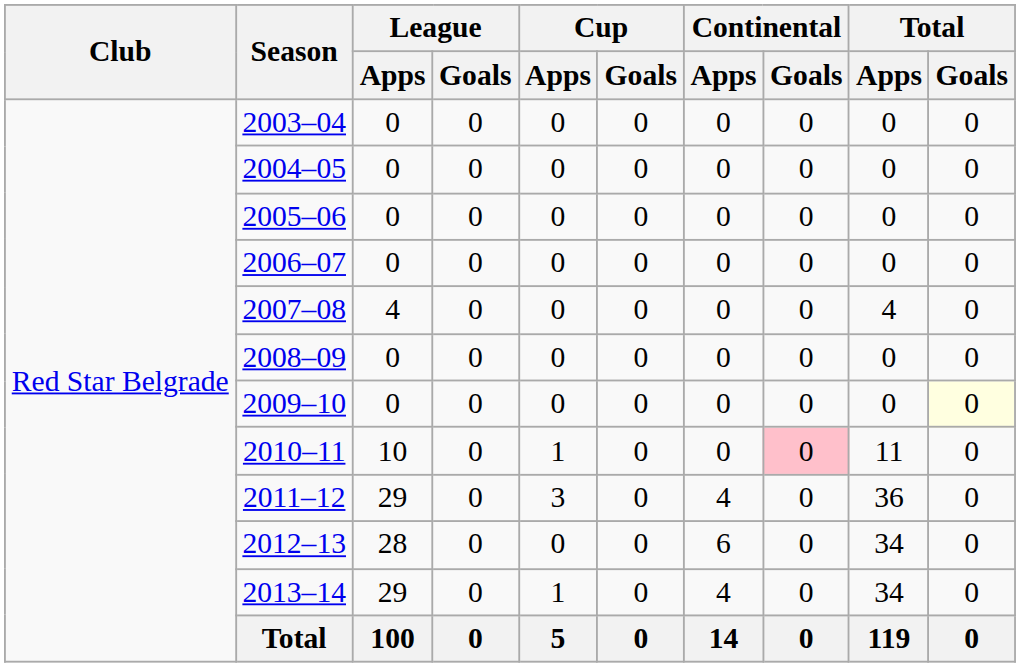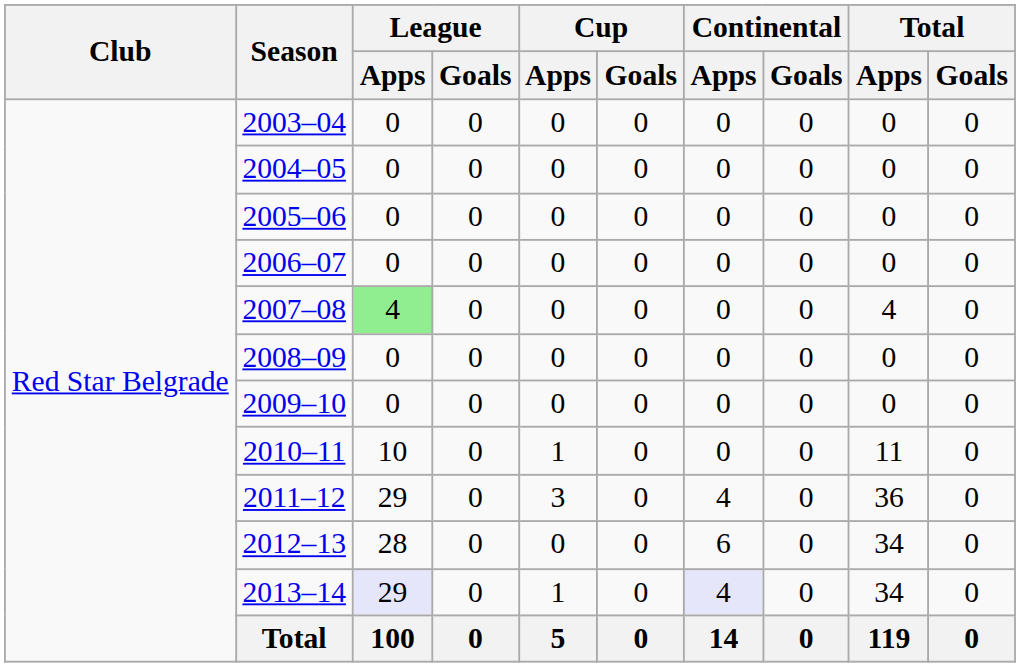 <table class="wikitable" style="text-align:center">
 <tr>
 <th rowspan="2">Club</th>
 <th rowspan="2">Season</th>
 <th colspan="2">League</th>
 <th colspan="2">Cup</th>
 <th colspan="2">Continental</th>
 <th colspan="2">Total</th>
 </tr>
 <tr>
 <th>Apps</th>
 <th>Goals</th>
 <th>Apps</th>
 <th>Goals</th>
 <th>Apps</th>
 <th>Goals</th>
 <th>Apps</th>
 <th>Goals</th>
 </tr>
 <tr>
 <td rowspan="12"><a href='#'>Red Star Belgrade</a></td>
 <td><a href='#'>2003–04</a></td>
 <td>0</td>
 <td>0</td>
 <td>0</td>
 <td>0</td>
 <td>0</td>
 <td>0</td>
 <td>0</td>
 <td>0</td>
 </tr>
 <tr>
 <td><a href='#'>2004–05</a></td>
 <td>0</td>
 <td>0</td>
 <td>0</td>
 <td>0</td>
 <td>0</td>
 <td>0</td>
 <td>0</td>
 <td>0</td>
 </tr>
 <tr>
 <td><a href='#'>2005–06</a></td>
 <td>0</td>
 <td>0</td>
 <td>0</td>
 <td>0</td>
 <td>0</td>
 <td>0</td>
 <td>0</td>
 <td>0</td>
 </tr>
 <tr>
 <td><a href='#'>2006–07</a></td>
 <td>0</td>
 <td>0</td>
 <td>0</td>
 <td>0</td>
 <td>0</td>
 <td>0</td>
 <td>0</td>
 <td>0</td>
 </tr>
 <tr>
 <td><a href='#'>2007–08</a></td>
-<td>4</td>
+<td style="background: lightgreen;">4</td>
 <td>0</td>
 <td>0</td>
 <td>0</td>
 <td>0</td>
 <td>0</td>
 <td>4</td>
 <td>0</td>
 </tr>
 <tr>
 <td><a href='#'>2008–09</a></td>
 <td>0</td>
 <td>0</td>
 <td>0</td>
 <td>0</td>
 <td>0</td>
 <td>0</td>
 <td>0</td>
 <td>0</td>
 </tr>
 <tr>
 <td><a href='#'>2009–10</a></td>
 <td>0</td>
 <td>0</td>
 <td>0</td>
 <td>0</td>
 <td>0</td>
 <td>0</td>
 <td>0</td>
-<td style="background: lightyellow;">0</td>
+<td>0</td>
 </tr>
 <tr>
 <td><a href='#'>2010–11</a></td>
 <td>10</td>
 <td>0</td>
 <td>1</td>
 <td>0</td>
 <td>0</td>
-<td style="background: pink;">0</td>
+<td>0</td>
 <td>11</td>
 <td>0</td>
 </tr>
 <tr>
 <td><a href='#'>2011–12</a></td>
 <td>29</td>
 <td>0</td>
 <td>3</td>
 <td>0</td>
 <td>4</td>
 <td>0</td>
 <td>36</td>
 <td>0</td>
 </tr>
 <tr>
 <td><a href='#'>2012–13</a></td>
 <td>28</td>
 <td>0</td>
 <td>0</td>
 <td>0</td>
 <td>6</td>
 <td>0</td>
 <td>34</td>
 <td>0</td>
 </tr>
 <tr>
 <td><a href='#'>2013–14</a></td>
-<td>29</td>
+<td style="background: lavender;">29</td>
 <td>0</td>
 <td>1</td>
 <td>0</td>
-<td>4</td>
+<td style="background: lavender;">4</td>
 <td>0</td>
 <td>34</td>
 <td>0</td>
 </tr>
 <tr>
 <th>Total</th>
 <th>100</th>
 <th>0</th>
 <th>5</th>
 <th>0</th>
 <th>14</th>
 <th>0</th>
 <th>119</th>
 <th>0</th>
 </tr>
 </table>
